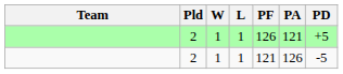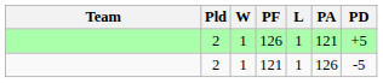 <table class=wikitable style="text-align:center">
 <tr>
 <th width=200>Team</th>
 <th width=20>Pld</th>
 <th width=20>W</th>
+<th width=20>PF</th>
 <th width=20>L</th>
-<th width=20>PF</th>
 <th width=20>PA</th>
 <th width=30>PD</th>
 </tr>
 <tr bgcolor=#aaffaa>
 <td align=left></td>
 <td>2</td>
 <td>1</td>
+<td>126</td>
 <td>1</td>
-<td>126</td>
 <td>121</td>
 <td>+5</td>
 </tr>
 <tr bgcolor=>
 <td align=left></td>
 <td>2</td>
 <td>1</td>
+<td>121</td>
 <td>1</td>
-<td>121</td>
 <td>126</td>
 <td>-5</td>
 </tr>
 </table>
